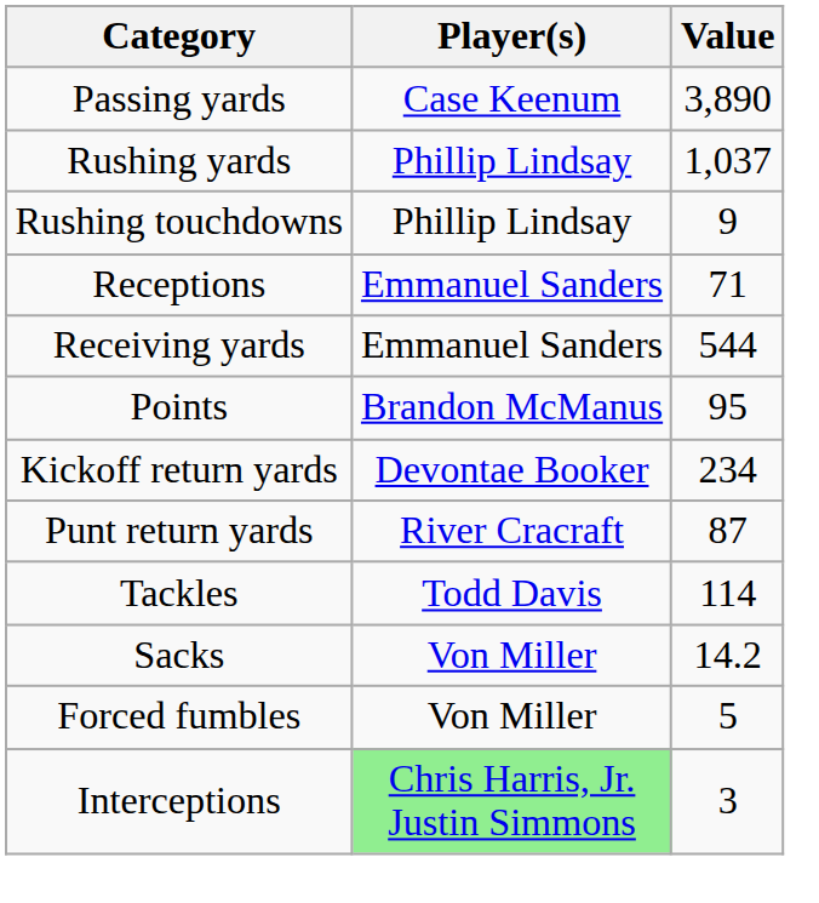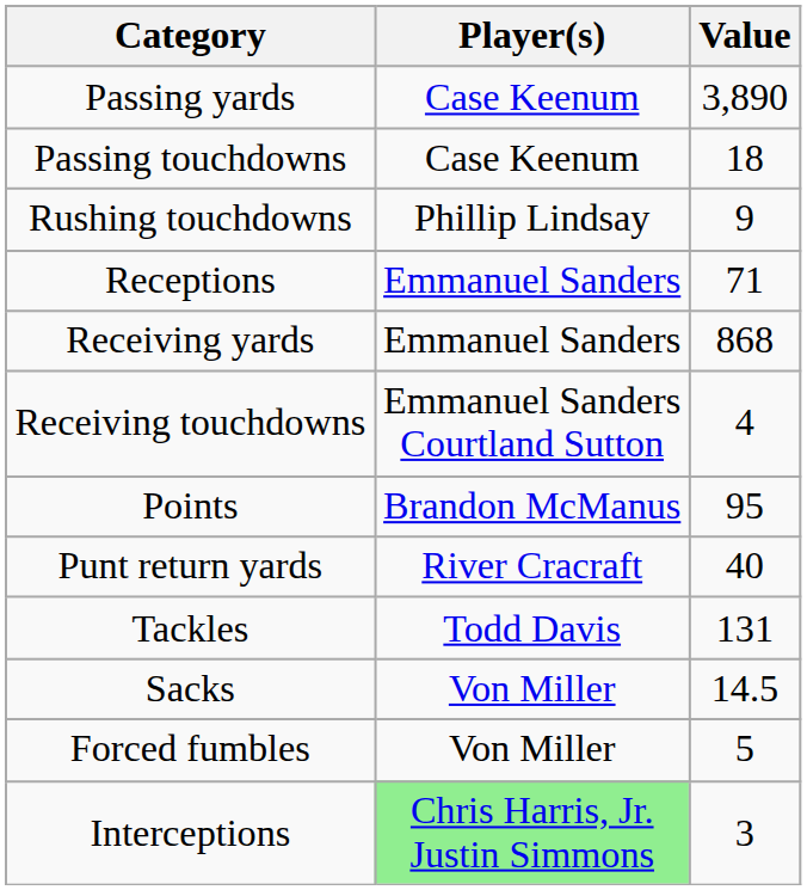 <table class="wikitable" style="text-align:center">
 <tr>
 <th>Category</th>
 <th>Player(s)</th>
 <th>Value</th>
 </tr>
 <tr>
 <td>Passing yards</td>
 <td><a href='#'>Case Keenum</a></td>
 <td>3,890</td>
 </tr>
 <tr>
-<td>Rushing yards</td>
-<td><a href='#'>Phillip Lindsay</a></td>
-<td>1,037</td>
+<td>Passing touchdowns</td>
+<td>Case Keenum</td>
+<td>18</td>
 </tr>
 <tr>
 <td>Rushing touchdowns</td>
 <td>Phillip Lindsay</td>
 <td>9</td>
 </tr>
 <tr>
 <td>Receptions</td>
 <td><a href='#'>Emmanuel Sanders</a></td>
 <td>71</td>
 </tr>
 <tr>
 <td>Receiving yards</td>
 <td>Emmanuel Sanders</td>
-<td>544</td>
+<td>868</td>
+</tr>
+<tr>
+<td>Receiving touchdowns</td>
+<td>Emmanuel Sanders<br><a href='#'>Courtland Sutton</a></td>
+<td>4</td>
 </tr>
 <tr>
 <td>Points</td>
 <td><a href='#'>Brandon McManus</a></td>
 <td>95</td>
 </tr>
 <tr>
-<td>Kickoff return yards</td>
-<td><a href='#'>Devontae Booker</a></td>
-<td>234</td>
-</tr>
-<tr>
 <td>Punt return yards</td>
 <td><a href='#'>River Cracraft</a></td>
-<td>87</td>
+<td>40</td>
 </tr>
 <tr>
 <td>Tackles</td>
 <td><a href='#'>Todd Davis</a></td>
-<td>114</td>
+<td>131</td>
 </tr>
 <tr>
 <td>Sacks</td>
 <td><a href='#'>Von Miller</a></td>
-<td>14.2</td>
+<td>14.5</td>
 </tr>
 <tr>
 <td>Forced fumbles</td>
 <td>Von Miller</td>
 <td>5</td>
 </tr>
 <tr>
 <td>Interceptions</td>
 <td style="background: lightgreen;"><a href='#'>Chris Harris, Jr.</a><br><a href='#'>Justin Simmons</a></td>
 <td>3</td>
 </tr>
 </table>
